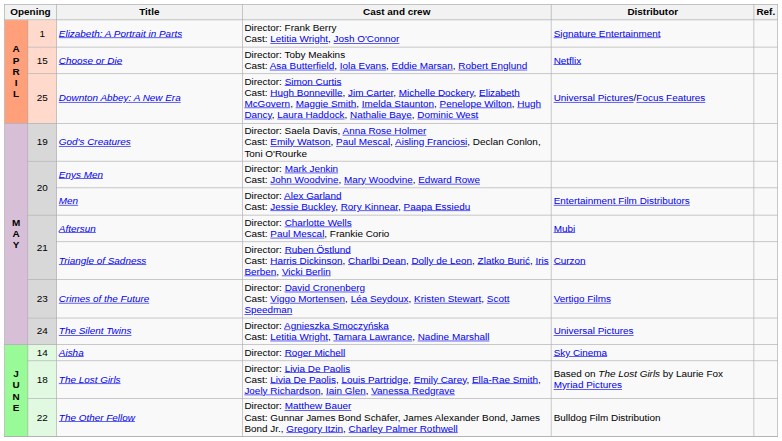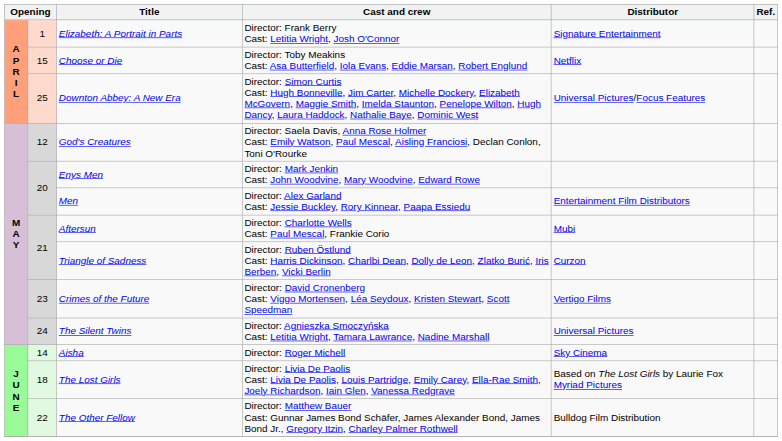 <table class="wikitable">
 <tr style="background:#b0e0e6; text-align:center;">
 <th colspan="2">Opening</th>
 <th style="width:24%;">Title</th>
 <th style="width:40%;">Cast and crew</th>
 <th>Distributor</th>
 <th style="width:2%;">Ref.</th>
 </tr>
 <tr>
 <th rowspan="3" style="text-align:center; background:#ffa07a; textcolor:#000;">A<br>P<br>R<br>I<br>L</th>
 <td rowspan="1" style="text-align:center; background:#ffdacc;">1</td>
 <td><em><a href='#'>Elizabeth: A Portrait in Parts</a></em></td>
 <td>Director: Frank Berry <br> Cast: <a href='#'>Letitia Wright</a>, <a href='#'>Josh O'Connor</a></td>
 <td><a href='#'>Signature Entertainment</a></td>
 <td></td>
 </tr>
 <tr>
 <td rowspan="1" style="text-align:center; background:#ffdacc;">15</td>
 <td><em><a href='#'>Choose or Die</a></em></td>
 <td>Director: Toby Meakins <br> Cast: <a href='#'>Asa Butterfield</a>, <a href='#'>Iola Evans</a>, <a href='#'>Eddie Marsan</a>, <a href='#'>Robert Englund</a></td>
 <td><a href='#'>Netflix</a></td>
 <td style="text-align:center"></td>
 </tr>
 <tr>
 <td rowspan="1" style="text-align:center; background:#ffdacc;">25</td>
 <td><em><a href='#'>Downton Abbey: A New Era</a></em></td>
 <td>Director: <a href='#'>Simon Curtis</a> <br> Cast: <a href='#'>Hugh Bonneville</a>, <a href='#'>Jim Carter</a>, <a href='#'>Michelle Dockery</a>, <a href='#'>Elizabeth McGovern</a>, <a href='#'>Maggie Smith</a>, <a href='#'>Imelda Staunton</a>, <a href='#'>Penelope Wilton</a>, <a href='#'>Hugh Dancy</a>, <a href='#'>Laura Haddock</a>, <a href='#'>Nathalie Baye</a>, <a href='#'>Dominic West</a></td>
 <td><a href='#'>Universal Pictures</a>/<a href='#'>Focus Features</a></td>
 <td style="text-align:center"></td>
 </tr>
 <tr>
 <th rowspan="7" style="text-align:center; background:thistle; textcolor:#000;">M<br>A<br>Y</th>
-<td rowspan="1" style="text-align:center; background:#d8d8d8;">19</td>
+<td rowspan="1" style="text-align:center; background:#d8d8d8;">12</td>
 <td><em><a href='#'>God's Creatures</a></em></td>
 <td>Director: Saela Davis, <a href='#'>Anna Rose Holmer</a> <br> Cast: <a href='#'>Emily Watson</a>, <a href='#'>Paul Mescal</a>, <a href='#'>Aisling Franciosi</a>, Declan Conlon, Toni O'Rourke</td>
 <td></td>
 <td style="text-align:center"></td>
 </tr>
 <tr>
 <td rowspan="2" style="text-align:center; background:#d8d8d8;">20</td>
 <td><em><a href='#'>Enys Men</a></em></td>
 <td>Director: <a href='#'>Mark Jenkin</a> <br> Cast: <a href='#'>John Woodvine</a>, <a href='#'>Mary Woodvine</a>, <a href='#'>Edward Rowe</a></td>
 <td></td>
 <td style="text-align:center"></td>
 </tr>
 <tr>
 <td><em><a href='#'>Men</a></em></td>
 <td>Director: <a href='#'>Alex Garland</a> <br> Cast: <a href='#'>Jessie Buckley</a>, <a href='#'>Rory Kinnear</a>, <a href='#'>Paapa Essiedu</a></td>
 <td><a href='#'>Entertainment Film Distributors</a></td>
 <td style="text-align:center"></td>
 </tr>
 <tr>
 <td rowspan="2" style="text-align:center; background:#d8d8d8;">21</td>
 <td><em><a href='#'>Aftersun</a></em></td>
 <td>Director: <a href='#'>Charlotte Wells</a> <br> Cast: <a href='#'>Paul Mescal</a>, Frankie Corio</td>
 <td><a href='#'>Mubi</a></td>
 <td></td>
 </tr>
 <tr>
 <td><em><a href='#'>Triangle of Sadness</a></em></td>
 <td>Director: <a href='#'>Ruben Östlund</a> <br> Cast: <a href='#'>Harris Dickinson</a>, <a href='#'>Charlbi Dean</a>, <a href='#'>Dolly de Leon</a>, <a href='#'>Zlatko Burić</a>, <a href='#'>Iris Berben</a>, <a href='#'>Vicki Berlin</a></td>
 <td><a href='#'>Curzon</a></td>
 <td></td>
 </tr>
 <tr>
 <td rowspan="1" style="text-align:center; background:#d8d8d8;">23</td>
 <td><em><a href='#'>Crimes of the Future</a></em></td>
 <td>Director: <a href='#'>David Cronenberg</a> <br> Cast: <a href='#'>Viggo Mortensen</a>, <a href='#'>Léa Seydoux</a>, <a href='#'>Kristen Stewart</a>, <a href='#'>Scott Speedman</a></td>
 <td><a href='#'>Vertigo Films</a></td>
 <td style="text-align:center"></td>
 </tr>
 <tr>
 <td rowspan="1" style="text-align:center; background:#d8d8d8;">24</td>
 <td><em><a href='#'>The Silent Twins</a></em></td>
 <td>Director: <a href='#'>Agnieszka Smoczyńska</a> <br> Cast: <a href='#'>Letitia Wright</a>, <a href='#'>Tamara Lawrance</a>, <a href='#'>Nadine Marshall</a></td>
 <td><a href='#'>Universal Pictures</a></td>
 <td></td>
 </tr>
 <tr>
 <th rowspan="3" style="text-align:center; background:#98fb98; textcolor:#000;">J<br>U<br>N<br>E</th>
 <td rowspan="1" style="text-align:center; background:#e0f9e0;">14</td>
 <td><em><a href='#'>Aisha</a></em></td>
 <td>Director: <a href='#'>Roger Michell</a></td>
 <td><a href='#'>Sky Cinema</a></td>
 <td style="text-align:center"></td>
 </tr>
 <tr>
 <td rowspan="1" style="text-align:center; background:#e0f9e0;">18</td>
 <td><em><a href='#'>The Lost Girls</a></em></td>
 <td>Director: <a href='#'>Livia De Paolis</a> <br> Cast: <a href='#'>Livia De Paolis</a>, <a href='#'>Louis Partridge</a>, <a href='#'>Emily Carey</a>, <a href='#'>Ella-Rae Smith</a>, <a href='#'>Joely Richardson</a>, <a href='#'>Iain Glen</a>, <a href='#'>Vanessa Redgrave</a></td>
 <td>Based on <em>The Lost Girls</em> by Laurie Fox <br> <a href='#'>Myriad Pictures</a></td>
 <td style="text-align:center"></td>
 </tr>
 <tr>
 <td rowspan="1" style="text-align:center; background:#e0f9e0;">22</td>
 <td><em><a href='#'>The Other Fellow</a></em></td>
 <td>Director: <a href='#'>Matthew Bauer</a> <br> Cast: Gunnar James Bond Schäfer, James Alexander Bond, James Bond Jr., <a href='#'>Gregory Itzin</a>, <a href='#'>Charley Palmer Rothwell</a></td>
 <td>Bulldog Film Distribution</td>
 <td style="text-align:center"></td>
 </tr>
 <tr>
 </tr>
 </table>
